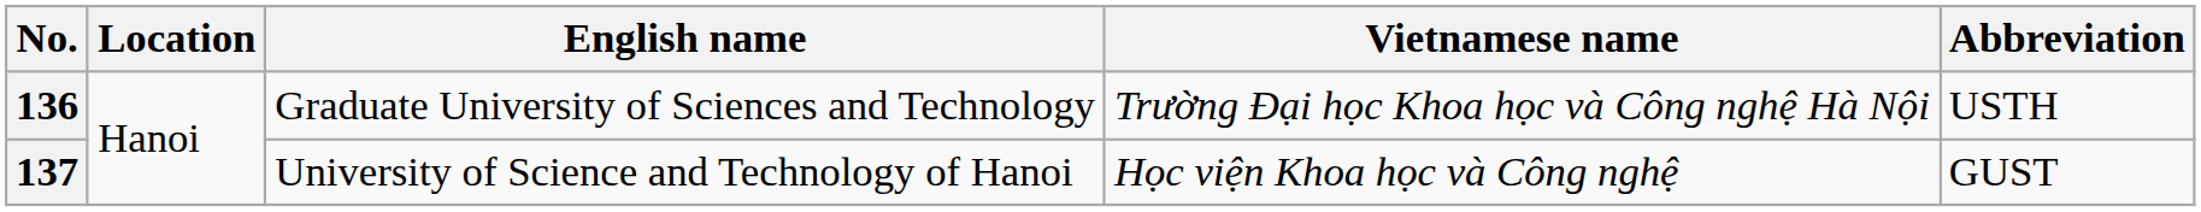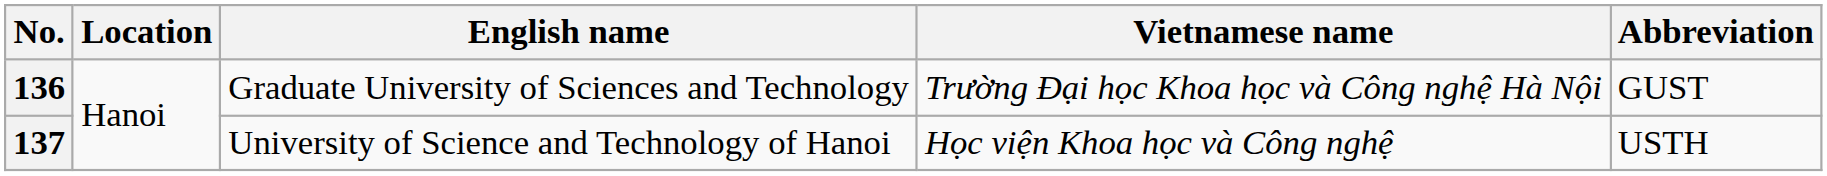 <table class="wikitable">
 <tr>
 <th>No.</th>
 <th>Location</th>
 <th>English name</th>
 <th>Vietnamese name</th>
 <th>Abbreviation</th>
 </tr>
 <tr>
 <th align="center">136</th>
 <td rowspan="2">Hanoi</td>
 <td>Graduate University of Sciences and Technology</td>
 <td><em>Trường Đại học Khoa học và Công nghệ Hà Nội</em></td>
-<td>USTH</td>
+<td>GUST</td>
 </tr>
 <tr>
 <th align="center">137</th>
 <td>University of Science and Technology of Hanoi</td>
 <td><em>Học viện Khoa học và Công nghệ</em></td>
-<td>GUST</td>
+<td>USTH</td>
 </tr>
 </table>
